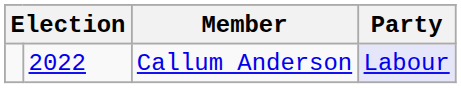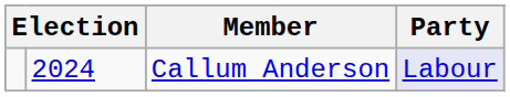 <table class="wikitable">
 <tr>
 <th colspan="2">Election</th>
 <th>Member</th>
 <th>Party</th>
 </tr>
 <tr>
 <td style="color:inherit;background-color: "></td>
-<td><a href='#'>2022</a></td>
+<td><a href='#'>2024</a></td>
 <td><a href='#'>Callum Anderson</a></td>
 <td style="background: lavender;"><a href='#'>Labour</a></td>
 </tr>
 </table>
